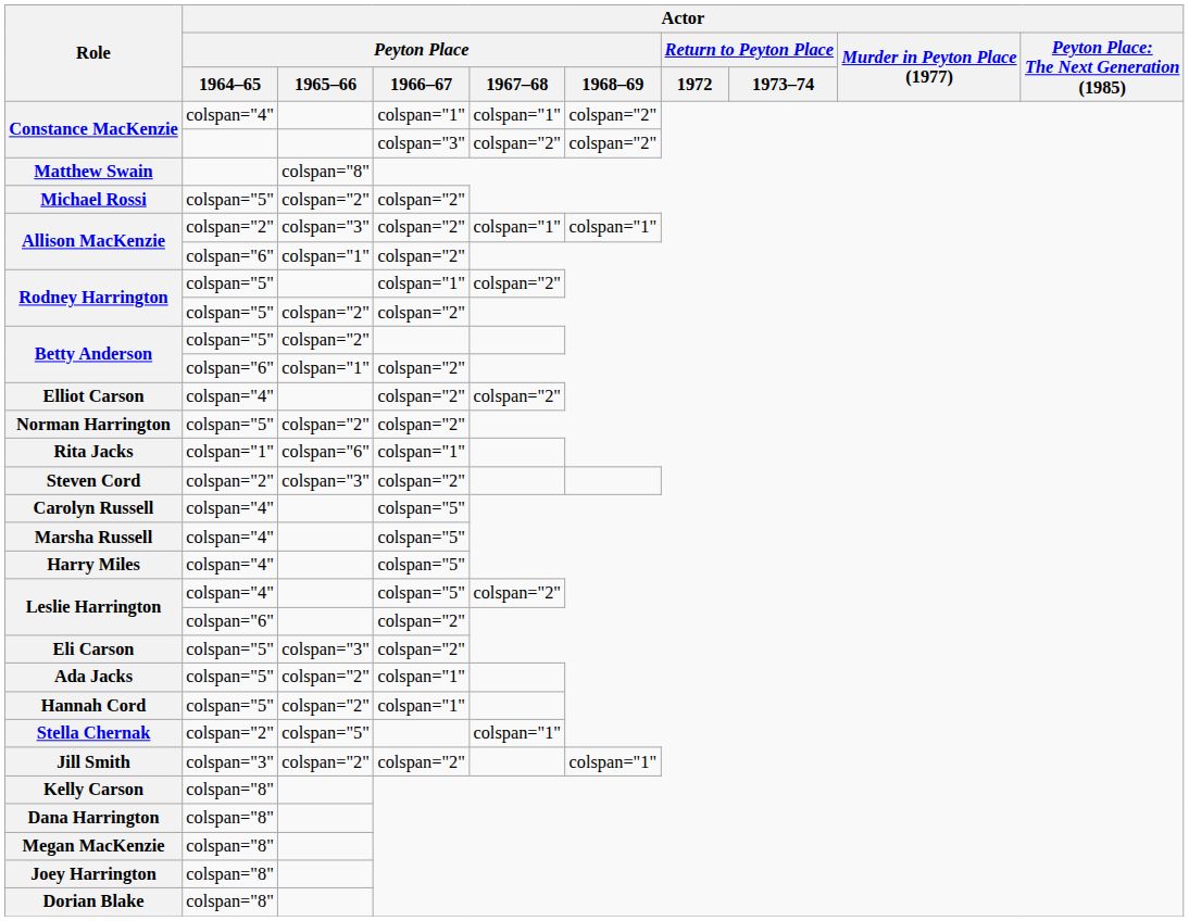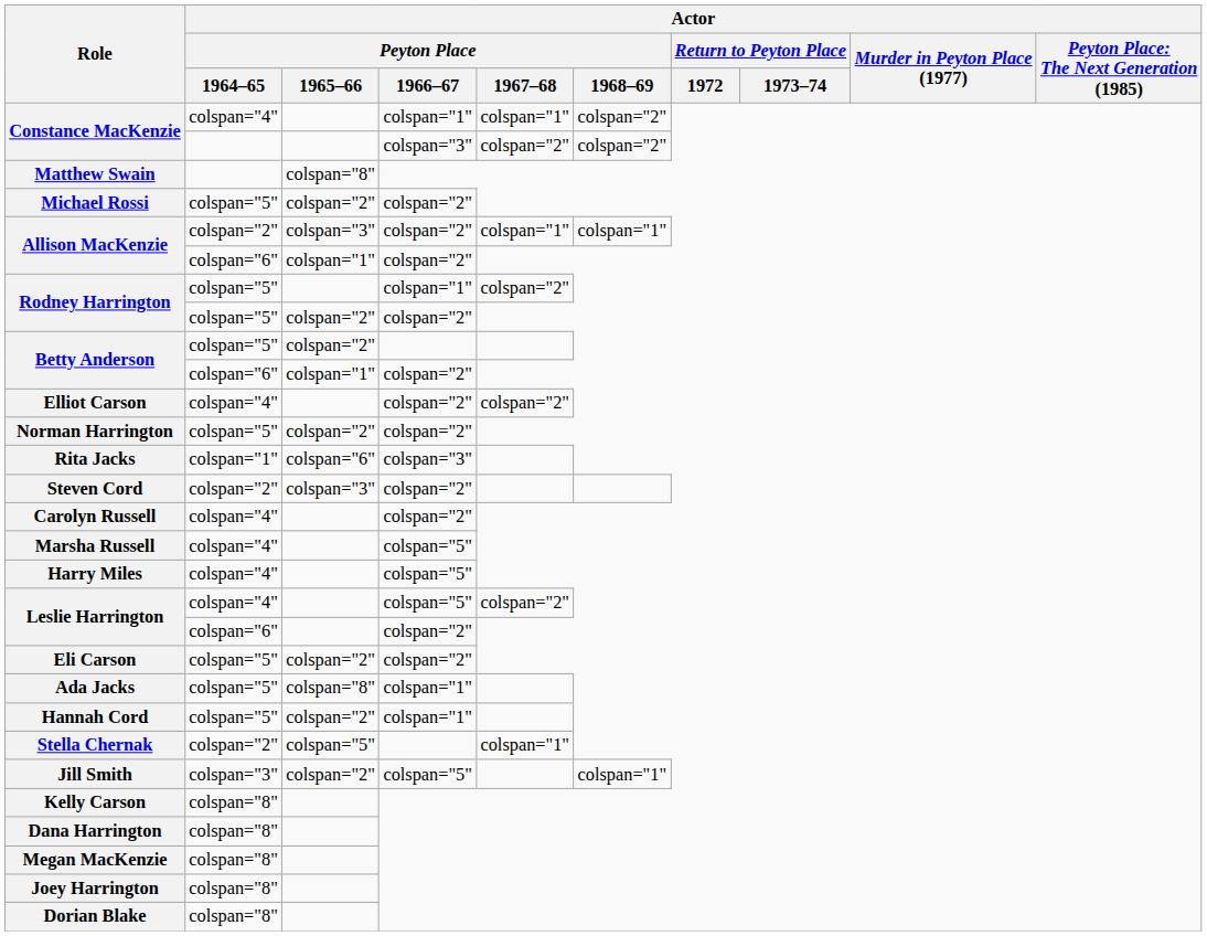 <table class="wikitable">
 <tr>
 <th rowspan="3">Role</th>
 <th colspan="9">Actor</th>
 </tr>
 <tr>
 <th colspan="5"><em>Peyton Place</em></th>
 <th colspan="2"><em><a href='#'>Return to Peyton Place</a></em></th>
 <th rowspan="2"><em><a href='#'>Murder in Peyton Place</a></em><br>(1977)</th>
 <th rowspan="2"><em><a href='#'>Peyton Place:<br>The Next Generation</a></em><br>(1985)</th>
 </tr>
 <tr>
 <th>1964–65</th>
 <th>1965–66</th>
 <th>1966–67</th>
 <th>1967–68</th>
 <th>1968–69</th>
 <th>1972</th>
 <th>1973–74</th>
 </tr>
 <tr>
 <th rowspan="2"><a href='#'>Constance MacKenzie</a></th>
 <td>colspan="4" </td>
 <td></td>
 <td>colspan="1" </td>
 <td>colspan="1" </td>
 <td>colspan="2" </td>
 </tr>
 <tr>
 <td></td>
 <td></td>
 <td>colspan="3" </td>
 <td>colspan="2" </td>
 <td>colspan="2" </td>
 </tr>
 <tr>
 <th scope="row"><a href='#'>Matthew Swain</a></th>
 <td></td>
 <td>colspan="8" </td>
 </tr>
 <tr>
 <th scope="row"><a href='#'>Michael Rossi</a></th>
 <td>colspan="5" </td>
 <td>colspan="2" </td>
 <td>colspan="2" </td>
 </tr>
 <tr>
 <th rowspan="2"><a href='#'>Allison MacKenzie</a></th>
 <td>colspan="2" </td>
 <td>colspan="3" </td>
 <td>colspan="2" </td>
 <td>colspan="1" </td>
 <td>colspan="1" </td>
 </tr>
 <tr>
 <td>colspan="6" </td>
 <td>colspan="1" </td>
 <td>colspan="2" </td>
 </tr>
 <tr>
 <th rowspan="2"><a href='#'>Rodney Harrington</a></th>
 <td>colspan="5" </td>
 <td></td>
 <td>colspan="1" </td>
 <td>colspan="2" </td>
 </tr>
 <tr>
 <td>colspan="5" </td>
 <td>colspan="2" </td>
 <td>colspan="2" </td>
 </tr>
 <tr>
 <th rowspan="2"><a href='#'>Betty Anderson</a></th>
 <td>colspan="5" </td>
 <td>colspan="2" </td>
 <td></td>
 <td></td>
 </tr>
 <tr>
 <td>colspan="6" </td>
 <td>colspan="1" </td>
 <td>colspan="2" </td>
 </tr>
 <tr>
 <th scope="row">Elliot Carson</th>
 <td>colspan="4" </td>
 <td></td>
 <td>colspan="2" </td>
 <td>colspan="2" </td>
 </tr>
 <tr>
 <th scope="row">Norman Harrington</th>
 <td>colspan="5"  </td>
 <td>colspan="2" </td>
 <td>colspan="2" </td>
 </tr>
 <tr>
 <th scope="row">Rita Jacks</th>
 <td>colspan="1" </td>
 <td>colspan="6" </td>
-<td>colspan="1" </td>
+<td>colspan="3" </td>
 <td></td>
 </tr>
 <tr>
 <th scope="row">Steven Cord</th>
 <td>colspan="2" </td>
 <td>colspan="3" </td>
 <td>colspan="2" </td>
 <td></td>
 <td></td>
 </tr>
 <tr>
 <th scope="row">Carolyn Russell</th>
 <td>colspan="4" </td>
 <td></td>
-<td>colspan="5" </td>
+<td>colspan="2" </td>
 </tr>
 <tr>
 <th scope="row">Marsha Russell</th>
 <td>colspan="4" </td>
 <td></td>
 <td>colspan="5" </td>
 </tr>
 <tr>
 <th scope="row">Harry Miles</th>
 <td>colspan="4" </td>
 <td></td>
 <td>colspan="5" </td>
 </tr>
 <tr>
 <th rowspan="2">Leslie Harrington</th>
 <td>colspan="4" </td>
 <td></td>
 <td>colspan="5" </td>
 <td>colspan="2" </td>
 </tr>
 <tr>
 <td>colspan="6" </td>
 <td></td>
 <td>colspan="2" </td>
 </tr>
 <tr>
 <th scope="row">Eli Carson</th>
 <td>colspan="5" </td>
-<td>colspan="3" </td>
+<td>colspan="2" </td>
 <td>colspan="2" </td>
 </tr>
 <tr>
 <th scope="row">Ada Jacks</th>
 <td>colspan="5" </td>
-<td>colspan="2" </td>
+<td>colspan="8" </td>
 <td>colspan="1" </td>
 <td></td>
 </tr>
 <tr>
 <th scope="row">Hannah Cord</th>
 <td>colspan="5" </td>
 <td>colspan="2" </td>
 <td>colspan="1" </td>
 <td></td>
 </tr>
 <tr>
 <th scope="row"><a href='#'>Stella Chernak</a></th>
 <td>colspan="2" </td>
 <td>colspan="5" </td>
 <td></td>
 <td>colspan="1" </td>
 </tr>
 <tr>
 <th scope="row">Jill Smith</th>
 <td>colspan="3" </td>
 <td>colspan="2"  </td>
-<td>colspan="2" </td>
+<td>colspan="5" </td>
 <td></td>
 <td>colspan="1" </td>
 </tr>
 <tr>
 <th scope="row">Kelly Carson</th>
 <td>colspan="8" </td>
 <td></td>
 </tr>
 <tr>
 <th scope="row">Dana Harrington</th>
 <td>colspan="8" </td>
 <td></td>
 </tr>
 <tr>
 <th scope="row">Megan MacKenzie</th>
 <td>colspan="8" </td>
 <td></td>
 </tr>
 <tr>
 <th scope="row">Joey Harrington</th>
 <td>colspan="8" </td>
 <td></td>
 </tr>
 <tr>
 <th scope="row">Dorian Blake</th>
 <td>colspan="8" </td>
 <td></td>
 </tr>
 </table>
